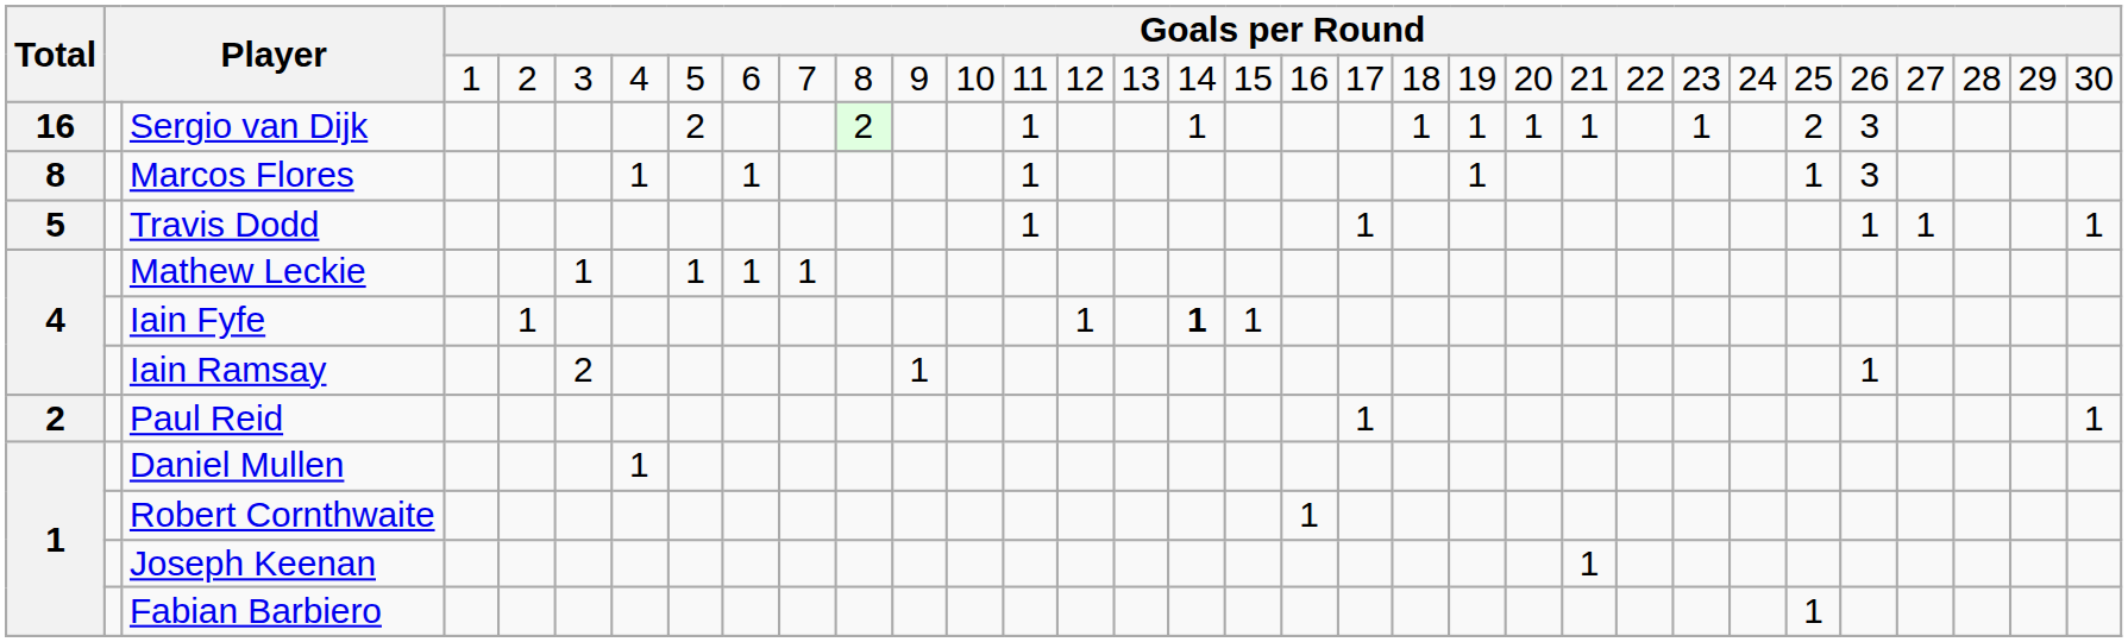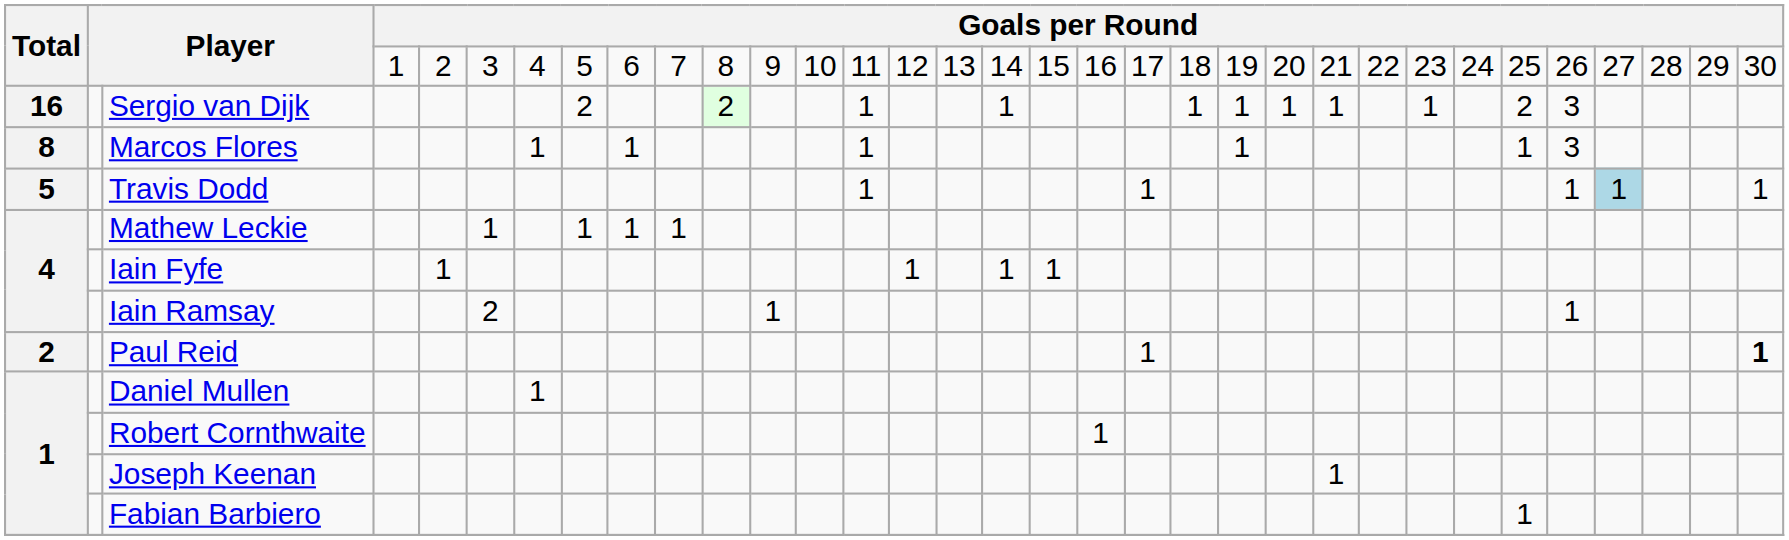 <table class="wikitable" style="text-align:center; line-height: 90%; font-size:90%;">
 <tr>
 <th rowspan="2">Total</th>
 <th rowspan="2" colspan="2">Player</th>
 <th colspan="30">Goals per Round</th>
 </tr>
 <tr>
 <td> 1 </td>
 <td> 2 </td>
 <td> 3 </td>
 <td> 4 </td>
 <td> 5 </td>
 <td> 6 </td>
 <td> 7 </td>
 <td> 8 </td>
 <td> 9 </td>
 <td>10</td>
 <td>11</td>
 <td>12</td>
 <td>13</td>
 <td>14</td>
 <td>15</td>
 <td>16</td>
 <td>17</td>
 <td>18</td>
 <td>19</td>
 <td>20</td>
 <td>21</td>
 <td>22</td>
 <td>23</td>
 <td>24</td>
 <td>25</td>
 <td>26</td>
 <td>27</td>
 <td>28</td>
 <td>29</td>
 <td>30</td>
 </tr>
 <tr>
 <th>16</th>
 <td></td>
 <td style="text-align:left;"><a href='#'>Sergio van Dijk</a></td>
 <td></td>
 <td></td>
 <td></td>
 <td></td>
 <td>2</td>
 <td></td>
 <td></td>
 <td style="background:#e0ffe0;">2</td>
 <td></td>
 <td></td>
 <td>1</td>
 <td></td>
 <td></td>
 <td>1</td>
 <td></td>
 <td></td>
 <td></td>
 <td>1</td>
 <td>1</td>
 <td>1</td>
 <td>1</td>
 <td></td>
 <td>1</td>
 <td></td>
 <td>2</td>
 <td>3</td>
 <td></td>
 <td></td>
 <td></td>
 <td></td>
 </tr>
 <tr>
 <th>8</th>
 <td></td>
 <td style="text-align:left;"><a href='#'>Marcos Flores</a></td>
 <td></td>
 <td></td>
 <td></td>
 <td>1</td>
 <td></td>
 <td>1</td>
 <td></td>
 <td></td>
 <td></td>
 <td></td>
 <td>1</td>
 <td></td>
 <td></td>
 <td></td>
 <td></td>
 <td></td>
 <td></td>
 <td></td>
 <td>1</td>
 <td></td>
 <td></td>
 <td></td>
 <td></td>
 <td></td>
 <td>1</td>
 <td>3</td>
 <td></td>
 <td></td>
 <td></td>
 <td></td>
 </tr>
 <tr>
 <th>5</th>
 <td></td>
 <td style="text-align:left;"><a href='#'>Travis Dodd</a></td>
 <td></td>
 <td></td>
 <td></td>
 <td></td>
 <td></td>
 <td></td>
 <td></td>
 <td></td>
 <td></td>
 <td></td>
 <td>1</td>
 <td></td>
 <td></td>
 <td></td>
 <td></td>
 <td></td>
 <td>1</td>
 <td></td>
 <td></td>
 <td></td>
 <td></td>
 <td></td>
 <td></td>
 <td></td>
 <td></td>
 <td>1</td>
-<td>1</td>
+<td style="background: lightblue;">1</td>
 <td></td>
 <td></td>
 <td>1</td>
 </tr>
 <tr>
 <th rowspan=3>4</th>
 <td></td>
 <td style="text-align:left;"><a href='#'>Mathew Leckie</a></td>
 <td></td>
 <td></td>
 <td>1</td>
 <td></td>
 <td>1</td>
 <td>1</td>
 <td>1</td>
 <td></td>
 <td></td>
 <td></td>
 <td></td>
 <td></td>
 <td></td>
 <td></td>
 <td></td>
 <td></td>
 <td></td>
 <td></td>
 <td></td>
 <td></td>
 <td></td>
 <td></td>
 <td></td>
 <td></td>
 <td></td>
 <td></td>
 <td></td>
 <td></td>
 <td></td>
 <td></td>
 </tr>
 <tr>
 <td></td>
 <td style="text-align:left;"><a href='#'>Iain Fyfe</a></td>
 <td></td>
 <td>1</td>
 <td></td>
 <td></td>
 <td></td>
 <td></td>
 <td></td>
 <td></td>
 <td></td>
 <td></td>
 <td></td>
 <td>1</td>
 <td></td>
-<td><strong>1</strong></td>
+<td>1</td>
 <td>1</td>
 <td></td>
 <td></td>
 <td></td>
 <td></td>
 <td></td>
 <td></td>
 <td></td>
 <td></td>
 <td></td>
 <td></td>
 <td></td>
 <td></td>
 <td></td>
 <td></td>
 <td></td>
 </tr>
 <tr>
 <td></td>
 <td style="text-align:left;"><a href='#'>Iain Ramsay</a></td>
 <td></td>
 <td></td>
 <td>2</td>
 <td></td>
 <td></td>
 <td></td>
 <td></td>
 <td></td>
 <td>1</td>
 <td></td>
 <td></td>
 <td></td>
 <td></td>
 <td></td>
 <td></td>
 <td></td>
 <td></td>
 <td></td>
 <td></td>
 <td></td>
 <td></td>
 <td></td>
 <td></td>
 <td></td>
 <td></td>
 <td>1</td>
 <td></td>
 <td></td>
 <td></td>
 <td></td>
 </tr>
 <tr>
 <th>2</th>
 <td></td>
 <td style="text-align:left;"><a href='#'>Paul Reid</a></td>
 <td></td>
 <td></td>
 <td></td>
 <td></td>
 <td></td>
 <td></td>
 <td></td>
 <td></td>
 <td></td>
 <td></td>
 <td></td>
 <td></td>
 <td></td>
 <td></td>
 <td></td>
 <td></td>
 <td>1</td>
 <td></td>
 <td></td>
 <td></td>
 <td></td>
 <td></td>
 <td></td>
 <td></td>
 <td></td>
 <td></td>
 <td></td>
 <td></td>
 <td></td>
-<td>1</td>
+<td><strong>1</strong></td>
 </tr>
 <tr>
 <th rowspan=4>1</th>
 <td></td>
 <td style="text-align:left;"><a href='#'>Daniel Mullen</a></td>
 <td></td>
 <td></td>
 <td></td>
 <td>1</td>
 <td></td>
 <td></td>
 <td></td>
 <td></td>
 <td></td>
 <td></td>
 <td></td>
 <td></td>
 <td></td>
 <td></td>
 <td></td>
 <td></td>
 <td></td>
 <td></td>
 <td></td>
 <td></td>
 <td></td>
 <td></td>
 <td></td>
 <td></td>
 <td></td>
 <td></td>
 <td></td>
 <td></td>
 <td></td>
 <td></td>
 </tr>
 <tr>
 <td></td>
 <td style="text-align:left;"><a href='#'>Robert Cornthwaite</a></td>
 <td></td>
 <td></td>
 <td></td>
 <td></td>
 <td></td>
 <td></td>
 <td></td>
 <td></td>
 <td></td>
 <td></td>
 <td></td>
 <td></td>
 <td></td>
 <td></td>
 <td></td>
 <td>1</td>
 <td></td>
 <td></td>
 <td></td>
 <td></td>
 <td></td>
 <td></td>
 <td></td>
 <td></td>
 <td></td>
 <td></td>
 <td></td>
 <td></td>
 <td></td>
 <td></td>
 </tr>
 <tr>
 <td></td>
 <td style="text-align:left;"><a href='#'>Joseph Keenan</a></td>
 <td></td>
 <td></td>
 <td></td>
 <td></td>
 <td></td>
 <td></td>
 <td></td>
 <td></td>
 <td></td>
 <td></td>
 <td></td>
 <td></td>
 <td></td>
 <td></td>
 <td></td>
 <td></td>
 <td></td>
 <td></td>
 <td></td>
 <td></td>
 <td>1</td>
 <td></td>
 <td></td>
 <td></td>
 <td></td>
 <td></td>
 <td></td>
 <td></td>
 <td></td>
 <td></td>
 </tr>
 <tr>
 <td></td>
 <td style="text-align:left;"><a href='#'>Fabian Barbiero</a></td>
 <td></td>
 <td></td>
 <td></td>
 <td></td>
 <td></td>
 <td></td>
 <td></td>
 <td></td>
 <td></td>
 <td></td>
 <td></td>
 <td></td>
 <td></td>
 <td></td>
 <td></td>
 <td></td>
 <td></td>
 <td></td>
 <td></td>
 <td></td>
 <td></td>
 <td></td>
 <td></td>
 <td></td>
 <td>1</td>
 <td></td>
 <td></td>
 <td></td>
 <td></td>
 <td></td>
 </tr>
 <tr>
 </tr>
 </table>
